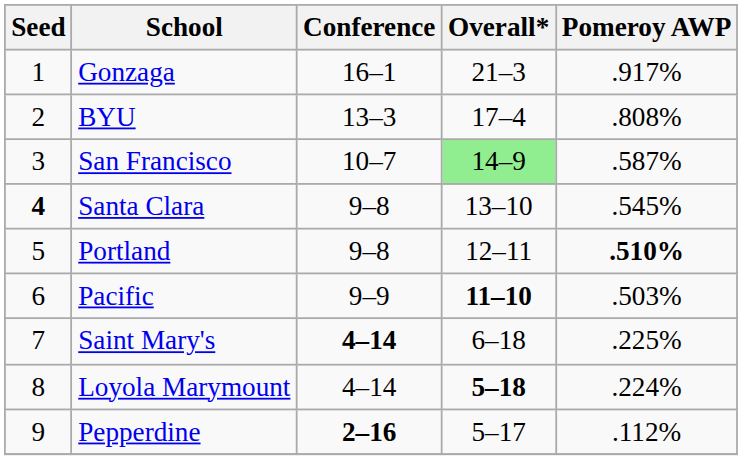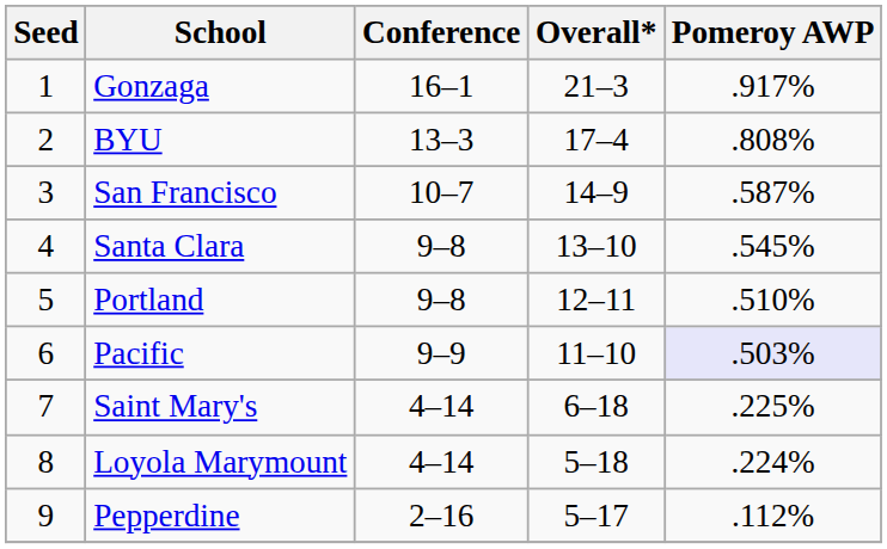 <table class="wikitable" style="white-space:nowrap; font-size:95%;text-align:center">
 <tr>
 <th>Seed</th>
 <th>School</th>
 <th>Conference</th>
 <th>Overall*</th>
 <th>Pomeroy AWP</th>
 </tr>
 <tr>
 <td>1</td>
 <td align=left><a href='#'>Gonzaga</a></td>
 <td>16–1</td>
 <td>21–3</td>
 <td>.917%</td>
 </tr>
 <tr>
 <td>2</td>
 <td align=left><a href='#'>BYU</a></td>
 <td>13–3</td>
 <td>17–4</td>
 <td>.808%</td>
 </tr>
 <tr>
 <td>3</td>
 <td align=left><a href='#'>San Francisco</a></td>
 <td>10–7</td>
-<td style="background: lightgreen;">14–9</td>
+<td>14–9</td>
 <td>.587%</td>
 </tr>
 <tr>
-<td><strong>4</strong></td>
+<td>4</td>
 <td align=left><a href='#'>Santa Clara</a></td>
 <td>9–8</td>
 <td>13–10</td>
 <td>.545%</td>
 </tr>
 <tr>
 <td>5</td>
 <td align=left><a href='#'>Portland</a></td>
 <td>9–8</td>
 <td>12–11</td>
-<td><strong>.510%</strong></td>
+<td>.510%</td>
 </tr>
 <tr>
 <td>6</td>
 <td align=left><a href='#'>Pacific</a></td>
 <td>9–9</td>
-<td><strong>11–10</strong></td>
-<td>.503%</td>
+<td>11–10</td>
+<td style="background: lavender;">.503%</td>
 </tr>
 <tr>
 <td>7</td>
 <td align=left><a href='#'>Saint Mary's</a></td>
-<td><strong>4–14</strong></td>
+<td>4–14</td>
 <td>6–18</td>
 <td>.225%</td>
 </tr>
 <tr>
 <td>8</td>
 <td align=left><a href='#'>Loyola Marymount</a></td>
 <td>4–14</td>
-<td><strong>5–18</strong></td>
+<td>5–18</td>
 <td>.224%</td>
 </tr>
 <tr>
 <td>9</td>
 <td align=left><a href='#'>Pepperdine</a></td>
-<td><strong>2–16</strong></td>
+<td>2–16</td>
 <td>5–17</td>
 <td>.112%</td>
 </tr>
 <tr>
 </tr>
 </table>
